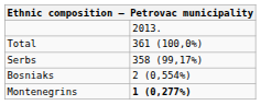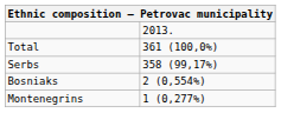 <table class="wikitable">
 <tr>
 <th colspan="8">Ethnic composition – Petrovac municipality</th>
 </tr>
 <tr>
 <td></td>
 <td>2013.</td>
 </tr>
 <tr>
 <td>Total</td>
 <td>361 (100,0%)</td>
 </tr>
 <tr>
 <td>Serbs</td>
 <td>358 (99,17%)</td>
 </tr>
 <tr>
 <td>Bosniaks</td>
 <td>2 (0,554%)</td>
 </tr>
 <tr>
 <td>Montenegrins</td>
-<td><strong>1 (0,277%)</strong></td>
+<td>1 (0,277%)</td>
 </tr>
 </table>
